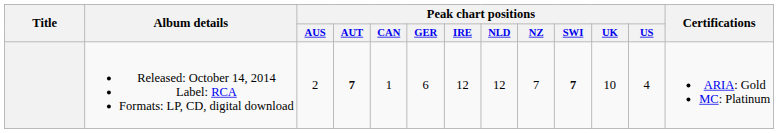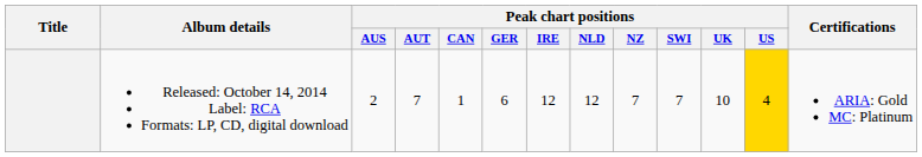 <table class="wikitable plainrowheaders" style="text-align:center;">
 <tr>
 <th scope="col" rowspan="2" style="width:6em;">Title</th>
 <th scope="col" rowspan="2">Album details</th>
 <th scope="col" colspan="10">Peak chart positions</th>
 <th scope="col" rowspan="2">Certifications</th>
 </tr>
 <tr>
 <th scope="col" style="width:3em; font-size:85%;"><a href='#'>AUS</a><br></th>
 <th scope="col" style="width:3em; font-size:85%;"><a href='#'>AUT</a><br></th>
 <th scope="col" style="width:3em; font-size:85%;"><a href='#'>CAN</a><br></th>
 <th scope="col" style="width:3em; font-size:85%;"><a href='#'>GER</a><br></th>
 <th scope="col" style="width:3em; font-size:85%;"><a href='#'>IRE</a><br></th>
 <th scope="col" style="width:3em; font-size:85%;"><a href='#'>NLD</a><br></th>
 <th scope="col" style="width:3em; font-size:85%;"><a href='#'>NZ</a><br></th>
 <th scope="col" style="width:3em; font-size:85%;"><a href='#'>SWI</a><br></th>
 <th scope="col" style="width:3em; font-size:85%;"><a href='#'>UK</a><br></th>
 <th scope="col" style="width:3em; font-size:85%;"><a href='#'>US</a><br></th>
 </tr>
 <tr>
 <th scope="row"></th>
 <td><br><ul><li>Released: October 14, 2014</li><li>Label: <a href='#'>RCA</a></li><li>Formats: LP, CD, digital download</li></ul></td>
 <td>2</td>
-<td><strong>7</strong></td>
+<td>7</td>
 <td>1</td>
 <td>6</td>
 <td>12</td>
 <td>12</td>
 <td>7</td>
-<td><strong>7</strong></td>
+<td>7</td>
 <td>10</td>
-<td>4</td>
+<td style="background: gold;">4</td>
 <td><br><ul><li><a href='#'>ARIA</a>: Gold</li><li><a href='#'>MC</a>: Platinum</li></ul></td>
 </tr>
 </table>
